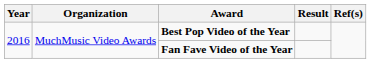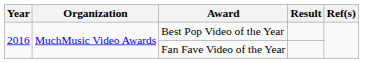 <table class="wikitable plainrowheaders">
 <tr align=center>
 <th scope="col">Year</th>
 <th scope="col">Organization</th>
 <th scope="col">Award</th>
 <th scope="col">Result</th>
 <th scope="col">Ref(s)</th>
 </tr>
 <tr>
 <td rowspan="2"><a href='#'>2016</a></td>
 <td rowspan="2"><a href='#'>MuchMusic Video Awards</a></td>
-<td><strong>Best Pop Video of the Year</strong></td>
+<td>Best Pop Video of the Year</td>
 <td></td>
 <td style="text-align:center;" rowspan="2"></td>
 </tr>
 <tr>
-<td><strong>Fan Fave Video of the Year</strong></td>
+<td>Fan Fave Video of the Year</td>
 <td></td>
 </tr>
 </table>
